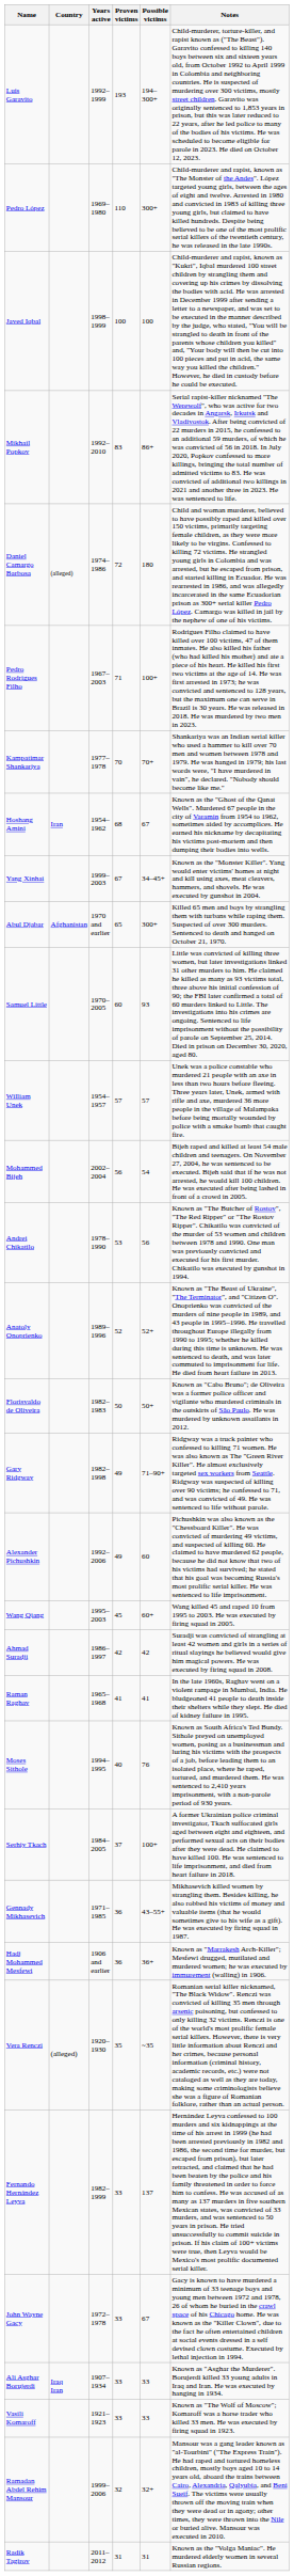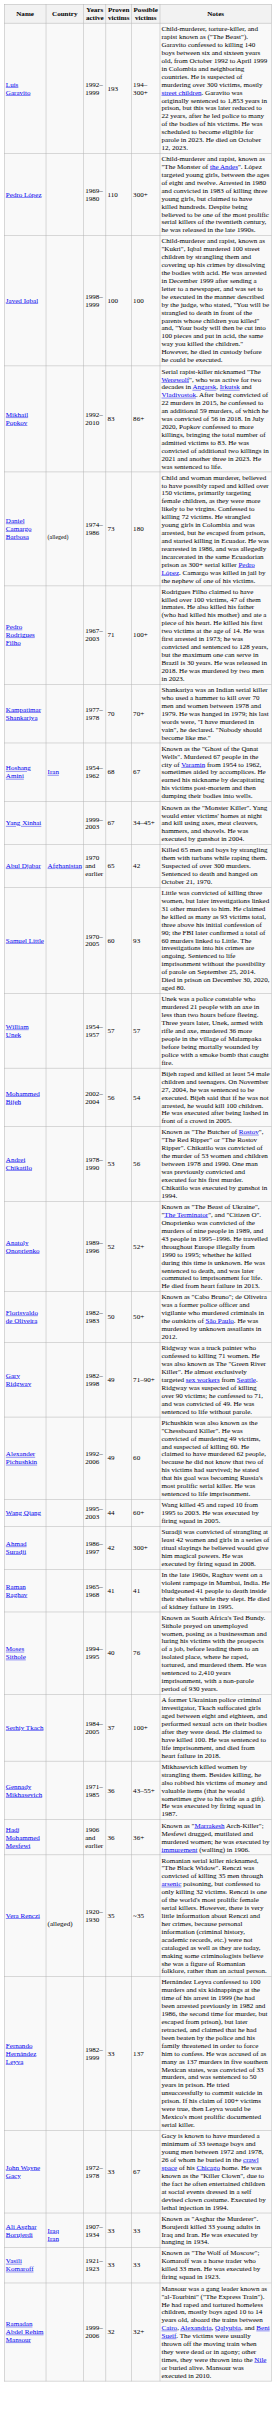 <table class="wikitable sortable sticky-header">
 <tr>
 <th>Name</th>
 <th>Country</th>
 <th>Years active</th>
 <th data-sort-type="number">Proven victims</th>
 <th data-sort-type="number">Possible victims</th>
 <th>Notes</th>
 </tr>
 <tr>
 <td><a href='#'>Luis Garavito</a></td>
 <td><br><br></td>
 <td>1992–1999</td>
 <td>193</td>
 <td>194–300+</td>
 <td>Child-murderer, torture-killer, and rapist known as  ("The Beast"). Garavito confessed to killing 140 boys between six and sixteen years old, from October 1992 to April 1999 in Colombia and neighboring countries. He is suspected of murdering over 300 victims, mostly <a href='#'>street children</a>. Garavito was originally sentenced to 1,853 years in prison, but this was later reduced to 22 years, after he led police to many of the bodies of his victims. He was scheduled to become eligible for parole in 2023. He died on October 12, 2023.</td>
 </tr>
 <tr>
 <td data-sort-value="López, Pedro"><a href='#'>Pedro López</a></td>
 <td><br><br></td>
 <td>1969–1980</td>
 <td>110</td>
 <td>300+</td>
 <td>Child-murderer and rapist, known as "The Monster of <a href='#'>the Andes</a>". López targeted young girls, between the ages of eight and twelve. Arrested in 1980 and convicted in 1983 of killing three young girls, but claimed to have killed hundreds. Despite being believed to be one of the most prolific serial killers of the twentieth century, he was released in the late 1990s.</td>
 </tr>
 <tr>
 <td data-sort-value="Javed, Iqbal"><a href='#'>Javed Iqbal</a></td>
 <td></td>
 <td>1998–1999</td>
 <td>100</td>
 <td>100</td>
 <td>Child-murderer and rapist, known as "Kukri", Iqbal murdered 100 street children by strangling them and covering up his crimes by dissolving the bodies with acid. He was arrested in December 1999 after sending a letter to a newspaper, and was set to be executed in the manner described by the judge, who stated, "You will be strangled to death in front of the parents whose children you killed" and, "Your body will then be cut into 100 pieces and put in acid, the same way you killed the children." However, he died in custody before he could be executed.</td>
 </tr>
 <tr>
 <td><a href='#'>Mikhail Popkov</a></td>
 <td></td>
 <td>1992–2010</td>
 <td>83</td>
 <td>86+</td>
 <td>Serial rapist-killer nicknamed "The <a href='#'>Werewolf</a>", who was active for two decades in <a href='#'>Angarsk</a>, <a href='#'>Irkutsk</a> and <a href='#'>Vladivostok</a>. After being convicted of 22 murders in 2015, he confessed to an additional 59 murders, of which he was convicted of 56 in 2018. In July 2020, Popkov confessed to more killings, bringing the total number of admitted victims to 83. He was convicted of additional two killings in 2021 and another three in 2023. He was sentenced to life.</td>
 </tr>
 <tr>
 <td><a href='#'>Daniel Camargo Barbosa</a></td>
 <td><br><br> <small>(alleged)</small></td>
 <td>1974–1986</td>
-<td>72</td>
+<td>73</td>
 <td>180</td>
 <td>Child and woman murderer, believed to have possibly raped and killed over 150 victims, primarily targeting female children, as they were more likely to be virgins. Confessed to killing 72 victims. He strangled young girls in Colombia and was arrested, but he escaped from prison, and started killing in Ecuador. He was rearrested in 1986, and was allegedly incarcerated in the same Ecuadorian prison as 300+ serial killer <a href='#'>Pedro López</a>. Camargo was killed in jail by the nephew of one of his victims.</td>
 </tr>
 <tr>
 <td><a href='#'>Pedro Rodrigues Filho</a></td>
 <td></td>
 <td>1967–2003</td>
 <td>71</td>
 <td>100+</td>
 <td>Rodrigues Filho claimed to have killed over 100 victims, 47 of them inmates. He also killed his father (who had killed his mother) and ate a piece of his heart. He killed his first two victims at the age of 14. He was first arrested in 1973; he was convicted and sentenced to 128 years, but the maximum one can serve in Brazil is 30 years. He was released in 2018. He was murdered by two men in 2023.</td>
 </tr>
 <tr>
 <td><a href='#'>Kampatimar Shankariya</a></td>
 <td></td>
 <td>1977–1978</td>
 <td>70</td>
 <td>70+</td>
 <td>Shankariya was an Indian serial killer who used a hammer to kill over 70 men and women between 1978 and 1979. He was hanged in 1979; his last words were, "I have murdered in vain", he declared. "Nobody should become like me."</td>
 </tr>
 <tr>
 <td><a href='#'>Hoshang Amini</a></td>
 <td> <a href='#'>Iran</a></td>
 <td>1954–1962</td>
 <td>68</td>
 <td>67</td>
 <td>Known as the "Ghost of the Qanat Wells". Murdered 67 people in the city of <a href='#'>Varamin</a> from 1954 to 1962, sometimes aided by accomplices. He earned his nickname by decapitating his victims post-mortem and then dumping their bodies into wells.</td>
 </tr>
 <tr>
 <td><a href='#'>Yang Xinhai</a></td>
 <td></td>
 <td>1999–2003</td>
 <td>67</td>
 <td>34–45+</td>
 <td>Known as the "Monster Killer". Yang would enter victims' homes at night and kill using axes, meat cleavers, hammers, and shovels. He was executed by gunshot in 2004.</td>
 </tr>
 <tr>
 <td><a href='#'>Abul Djabar</a></td>
 <td> <a href='#'>Afghanistan</a></td>
 <td>1970 and earlier</td>
 <td>65</td>
-<td>300+</td>
+<td>42</td>
 <td>Killed 65 men and boys by strangling them with turbans while raping them. Suspected of over 300 murders. Sentenced to death and hanged on October 21, 1970.</td>
 </tr>
 <tr>
 <td><a href='#'>Samuel Little</a></td>
 <td></td>
 <td>1970–2005</td>
 <td>60</td>
 <td>93</td>
 <td>Little was convicted of killing three women, but later investigations linked 31 other murders to him. He claimed he killed as many as 93 victims total, three above his initial confession of 90; the FBI later confirmed a total of 60 murders linked to Little. The investigations into his crimes are ongoing. Sentenced to life imprisonment without the possibility of parole on September 25, 2014. Died in prison on December 30, 2020, aged 80.</td>
 </tr>
 <tr>
 <td><a href='#'>William Unek</a></td>
 <td><br></td>
 <td>1954–1957</td>
 <td>57</td>
 <td>57</td>
 <td>Unek was a police constable who murdered 21 people with an axe in less than two hours before fleeing. Three years later, Unek, armed with rifle and axe, murdered 36 more people in the village of Malampaka before being mortally wounded by police with a smoke bomb that caught fire.</td>
 </tr>
 <tr>
 <td><a href='#'>Mohammed Bijeh</a></td>
 <td></td>
 <td>2002–2004</td>
 <td>56</td>
 <td>54</td>
 <td>Bijeh raped and killed at least 54 male children and teenagers. On November 27, 2004, he was sentenced to be executed. Bijeh said that if he was not arrested, he would kill 100 children. He was executed after being lashed in front of a crowd in 2005.</td>
 </tr>
 <tr>
 <td><a href='#'>Andrei Chikatilo</a></td>
 <td></td>
 <td>1978–1990</td>
 <td>53</td>
 <td>56</td>
 <td>Known as "The Butcher of <a href='#'>Rostov</a>", "The Red Ripper" or "The Rostov Ripper". Chikatilo was convicted of the murder of 53 women and children between 1978 and 1990. One man was previously convicted and executed for his first murder. Chikatilo was executed by gunshot in 1994.</td>
 </tr>
 <tr>
 <td><a href='#'>Anatoly Onoprienko</a></td>
 <td><br></td>
 <td>1989–1996</td>
 <td>52</td>
 <td>52+</td>
 <td>Known as "The Beast of Ukraine", "<a href='#'>The Terminator</a>", and "Citizen O". Onoprienko was convicted of the murders of nine people in 1989, and 43 people in 1995–1996. He travelled throughout Europe illegally from 1990 to 1995; whether he killed during this time is unknown. He was sentenced to death, and was later commuted to imprisonment for life. He died from heart failure in 2013.</td>
 </tr>
 <tr>
 <td><a href='#'>Florisvaldo de Oliveira</a></td>
 <td></td>
 <td>1982–1983</td>
 <td>50</td>
 <td>50+</td>
 <td>Known as "Cabo Bruno"; de Oliveira was a former police officer and vigilante who murdered criminals in the outskirts of <a href='#'>São Paulo</a>. He was murdered by unknown assailants in 2012.</td>
 </tr>
 <tr>
 <td><a href='#'>Gary Ridgway</a></td>
 <td></td>
 <td>1982–1998</td>
 <td>49</td>
 <td>71–90+</td>
 <td>Ridgway was a truck painter who confessed to killing 71 women. He was also known as The "Green River Killer". He almost exclusively targeted <a href='#'>sex workers</a> from <a href='#'>Seattle</a>. Ridgway was suspected of killing over 90 victims; he confessed to 71, and was convicted of 49. He was sentenced to life without parole.</td>
 </tr>
 <tr>
 <td><a href='#'>Alexander Pichushkin</a></td>
 <td></td>
 <td>1992–2006</td>
 <td>49</td>
 <td>60</td>
 <td>Pichushkin was also known as the "Chessboard Killer". He was convicted of murdering 49 victims, and suspected of killing 60. He claimed to have murdered 62 people, because he did not know that two of his victims had survived; he stated that his goal was becoming Russia's most prolific serial killer. He was sentenced to life imprisonment.</td>
 </tr>
 <tr>
 <td><a href='#'>Wang Qiang</a></td>
 <td></td>
 <td>1995–2003</td>
-<td>45</td>
+<td>44</td>
 <td>60+</td>
 <td>Wang killed 45 and raped 10 from 1995 to 2003. He was executed by firing squad in 2005.</td>
 </tr>
 <tr>
 <td><a href='#'>Ahmad Suradji</a></td>
 <td></td>
 <td>1986–1997</td>
 <td>42</td>
-<td>42</td>
+<td>300+</td>
 <td>Suradji was convicted of strangling at least 42 women and girls in a series of ritual slayings he believed would give him magical powers. He was executed by firing squad in 2008.</td>
 </tr>
 <tr>
 <td><a href='#'>Raman Raghav</a></td>
 <td></td>
 <td>1965–1968</td>
 <td>41</td>
 <td>41</td>
 <td>In the late 1960s, Raghav went on a violent rampage in Mumbai, India. He bludgeoned 41 people to death inside their shelters while they slept. He died of kidney failure in 1995.</td>
 </tr>
 <tr>
 <td><a href='#'>Moses Sithole</a></td>
 <td></td>
 <td>1994–1995</td>
 <td>40</td>
 <td>76</td>
 <td>Known as South Africa's Ted Bundy. Sithole preyed on unemployed women, posing as a businessman and luring his victims with the prospects of a job, before leading them to an isolated place, where he raped, tortured, and murdered them. He was sentenced to 2,410 years imprisonment, with a non-parole period of 930 years.</td>
 </tr>
 <tr>
 <td><a href='#'>Serhiy Tkach</a></td>
 <td><br></td>
 <td>1984–2005</td>
 <td>37</td>
 <td>100+</td>
 <td>A former Ukrainian police criminal investigator, Tkach suffocated girls aged between eight and eighteen, and performed sexual acts on their bodies after they were dead. He claimed to have killed 100. He was sentenced to life imprisonment, and died from heart failure in 2018.</td>
 </tr>
 <tr>
 <td><a href='#'>Gennady Mikhasevich</a></td>
 <td></td>
 <td>1971–1985</td>
 <td>36</td>
 <td>43–55+</td>
 <td>Mikhasevich killed women by strangling them. Besides killing, he also robbed his victims of money and valuable items (that he would sometimes give to his wife as a gift). He was executed by firing squad in 1987.</td>
 </tr>
 <tr>
 <td><a href='#'>Hadj Mohammed Mesfewi</a></td>
 <td></td>
 <td>1906 and earlier</td>
 <td>36</td>
 <td>36+</td>
 <td>Known as "<a href='#'>Marrakesh</a> Arch-Killer"; Mesfewi drugged, mutilated and murdered women; he was executed by <a href='#'>immurement</a> (walling) in 1906.</td>
 </tr>
 <tr>
 <td><a href='#'>Vera Renczi</a></td>
 <td><br> <br> (alleged)</td>
 <td>1920–1930</td>
 <td>35</td>
 <td>~35</td>
 <td>Romanian serial killer nicknamed, "The Black Widow". Renczi was convicted of killing 35 men through <a href='#'>arsenic</a> poisoning, but confessed to only killing 32 victims. Renczi is one of the world's most prolific female serial killers. However, there is very little information about Renczi and her crimes, because personal information (criminal history, academic records, etc.) were not cataloged as well as they are today, making some criminologists believe she was a figure of Romanian folklore, rather than an actual person.</td>
 </tr>
 <tr>
 <td><a href='#'>Fernando Hernández Leyva</a></td>
 <td></td>
 <td>1982–1999</td>
 <td>33</td>
 <td>137</td>
 <td>Hernández Leyva confessed to 100 murders and six kidnappings at the time of his arrest in 1999 (he had been arrested previously in 1982 and 1986, the second time for murder, but escaped from prison), but later retracted, and claimed that he had been beaten by the police and his family threatened in order to force him to confess. He was accused of as many as 137 murders in five southern Mexican states, was convicted of 33 murders, and was sentenced to 50 years in prison. He tried unsuccessfully to commit suicide in prison. If his claim of 100+ victims were true, then Leyva would be Mexico's most prolific documented serial killer.</td>
 </tr>
 <tr>
 <td><a href='#'>John Wayne Gacy</a></td>
 <td></td>
 <td>1972–1978</td>
 <td>33</td>
 <td>67</td>
 <td>Gacy is known to have murdered a minimum of 33 teenage boys and young men between 1972 and 1978, 26 of whom he buried in the <a href='#'>crawl space</a> of his <a href='#'>Chicago</a> home. He was known as the "Killer Clown", due to the fact he often entertained children at social events dressed in a self devised clown costume. Executed by lethal injection in 1994.</td>
 </tr>
 <tr>
 <td><a href='#'>Ali Asghar Borujerdi</a></td>
 <td><br> <a href='#'>Iraq</a><br> <a href='#'>Iran</a></td>
 <td>1907–1934</td>
 <td>33</td>
 <td>33</td>
 <td>Known as "Asghar the Murderer". Borujerdi killed 33 young adults in Iraq and Iran. He was executed by hanging in 1934.</td>
 </tr>
 <tr>
 <td data-sort-value="Komaroff, Vasili"><a href='#'>Vasili Komaroff</a></td>
 <td></td>
 <td>1921–1923</td>
 <td>33</td>
 <td>33</td>
 <td>Known as "The Wolf of Moscow"; Komaroff was a horse trader who killed 33 men. He was executed by firing squad in 1923.</td>
 </tr>
 <tr>
 <td><a href='#'>Ramadan Abdel Rehim Mansour</a></td>
 <td></td>
 <td>1999–2006</td>
 <td>32</td>
 <td>32+</td>
 <td>Mansour was a gang leader known as "al-Tourbini" ("The Express Train"). He had raped and tortured homeless children, mostly boys aged 10 to 14 years old, aboard the trains between <a href='#'>Cairo</a>, <a href='#'>Alexandria</a>, <a href='#'>Qalyubia</a>, and <a href='#'>Beni Sueif</a>. The victims were usually thrown off the moving train when they were dead or in agony; other times, they were thrown into the <a href='#'>Nile</a> or buried alive. Mansour was executed in 2010.</td>
 </tr>
-<tr>
-<td><a href='#'>Radik Tagirov</a></td>
-<td></td>
-<td>2011–2012</td>
-<td>31</td>
-<td>31</td>
-<td>Known as the "Volga Maniac". He murdered elderly women in several Russian regions.</td>
-</tr>
 </table>
